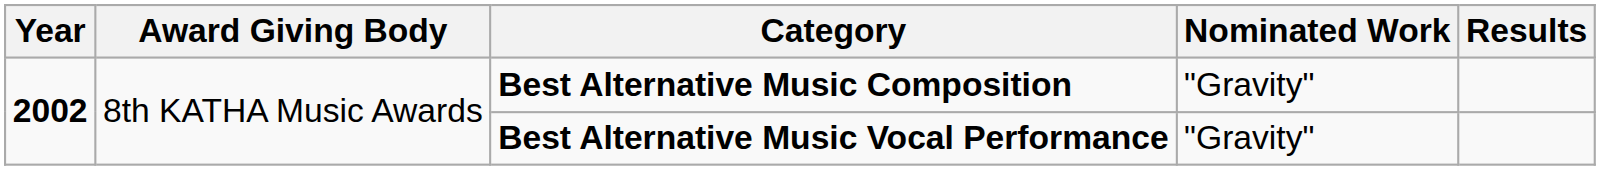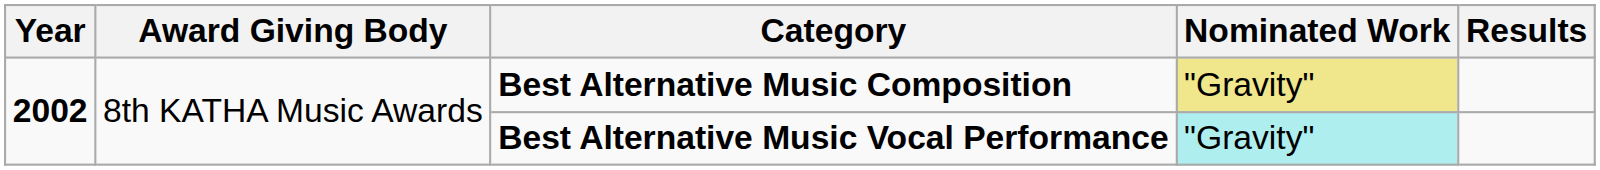 <table class="wikitable">
 <tr>
 <th>Year</th>
 <th>Award Giving Body</th>
 <th>Category</th>
 <th>Nominated Work</th>
 <th>Results</th>
 </tr>
 <tr>
 <td rowspan=2><strong>2002</strong></td>
 <td rowspan=2>8th KATHA Music Awards</td>
 <td><strong>Best Alternative Music Composition</strong></td>
-<td>"Gravity"</td>
+<td style="background: khaki;">"Gravity"</td>
 <td></td>
 </tr>
 <tr>
 <td><strong>Best Alternative Music Vocal Performance</strong></td>
-<td>"Gravity"</td>
+<td style="background: paleturquoise;">"Gravity"</td>
 <td></td>
 </tr>
 </table>
